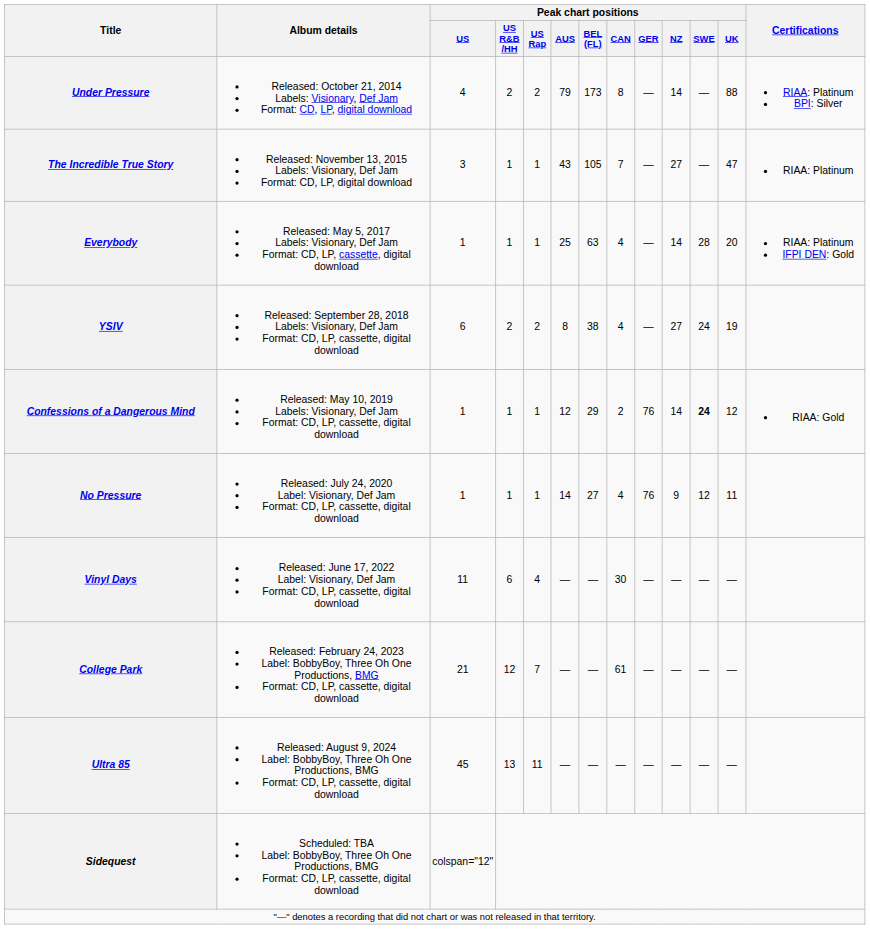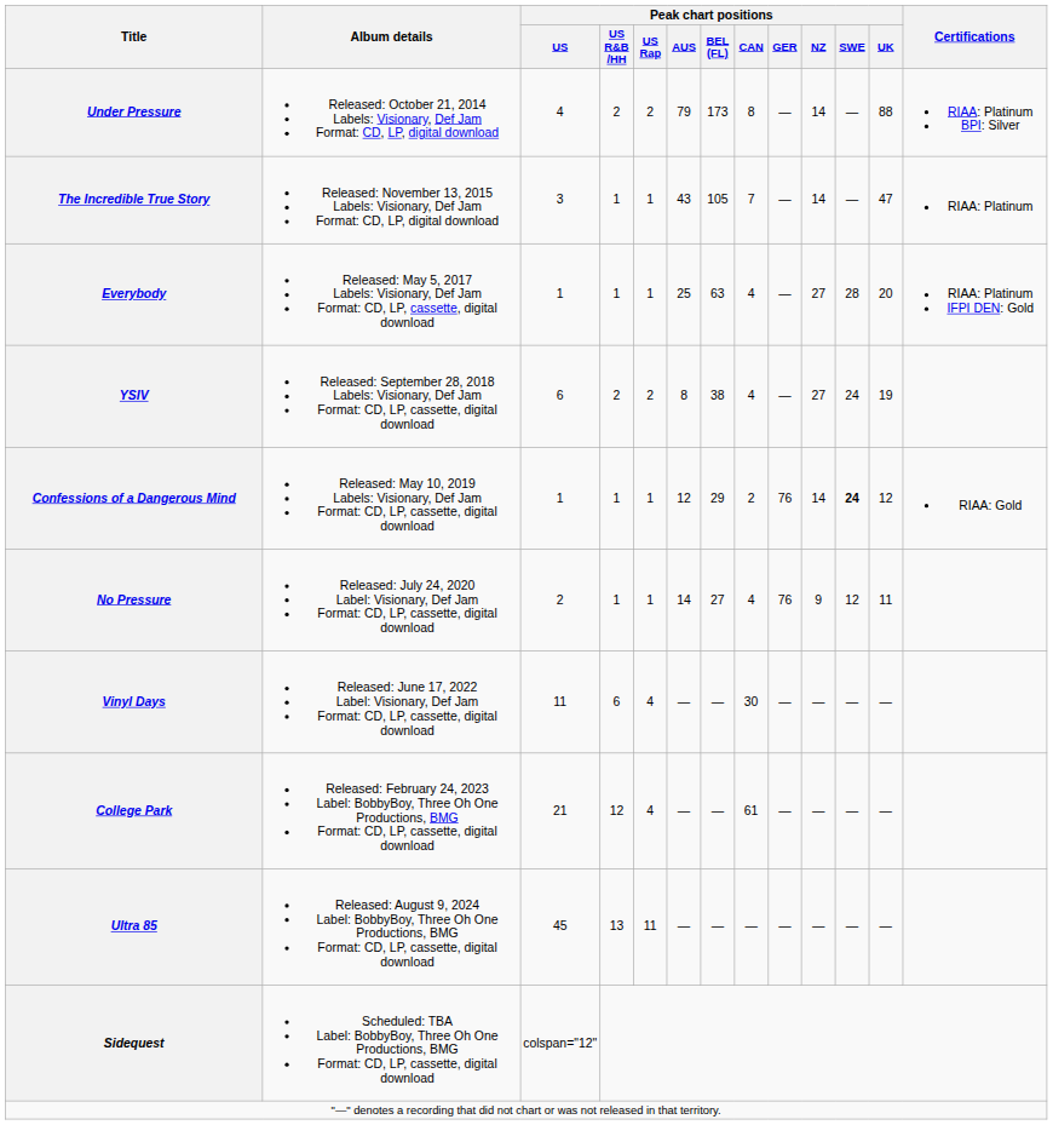 <table class="wikitable plainrowheaders" style="text-align:center;">
 <tr>
 <th scope="col" rowspan="2" style="width:20em;">Title</th>
 <th scope="col" rowspan="2" style="width:20em;">Album details</th>
 <th scope="col" colspan="10">Peak chart positions</th>
 <th scope="col" rowspan="2" style="width:11em;"><a href='#'>Certifications</a></th>
 </tr>
 <tr>
 <th scope="col" style="width:2.5em;font-size:90%;"><a href='#'>US</a><br></th>
 <th scope="col" style="width:2.5em;font-size:90%;"><a href='#'>US<br>R&B<br>/HH</a><br></th>
 <th scope="col" style="width:2.5em;font-size:90%;"><a href='#'>US<br>Rap</a><br></th>
 <th scope="col" style="width:2.5em;font-size:90%;"><a href='#'>AUS</a><br></th>
 <th scope="col" style="width:2.5em;font-size:90%;"><a href='#'>BEL (FL)</a><br></th>
 <th scope="col" style="width:2.5em;font-size:90%;"><a href='#'>CAN</a><br></th>
 <th scope="col" style="width:2.5em;font-size:90%;"><a href='#'>GER</a><br></th>
 <th scope="col" style="width:2.5em;font-size:90%;"><a href='#'>NZ</a><br></th>
 <th scope="col" style="width:2.5em;font-size:90%;"><a href='#'>SWE</a><br></th>
 <th scope="col" style="width:2.5em;font-size:90%;"><a href='#'>UK</a><br></th>
 </tr>
 <tr>
 <th scope="row"><em><a href='#'>Under Pressure</a></em></th>
 <td><br><ul><li>Released: October 21, 2014</li><li>Labels: <a href='#'>Visionary</a>, <a href='#'>Def Jam</a></li><li>Format: <a href='#'>CD</a>, <a href='#'>LP</a>, <a href='#'>digital download</a></li></ul></td>
 <td>4</td>
 <td>2</td>
 <td>2</td>
 <td>79</td>
 <td>173</td>
 <td>8</td>
 <td>—</td>
 <td>14</td>
 <td>—</td>
 <td>88</td>
 <td><br><ul><li><a href='#'>RIAA</a>: Platinum</li><li><a href='#'>BPI</a>: Silver</li></ul></td>
 </tr>
 <tr>
 <th scope="row"><em><a href='#'>The Incredible True Story</a></em></th>
 <td><br><ul><li>Released: November 13, 2015</li><li>Labels: Visionary, Def Jam</li><li>Format: CD, LP, digital download</li></ul></td>
 <td>3</td>
 <td>1</td>
 <td>1</td>
 <td>43</td>
 <td>105</td>
 <td>7</td>
 <td>—</td>
-<td>27</td>
+<td>14</td>
 <td>—</td>
 <td>47</td>
 <td><br><ul><li>RIAA: Platinum</li></ul></td>
 </tr>
 <tr>
 <th scope="row"><em><a href='#'>Everybody</a></em></th>
 <td><br><ul><li>Released: May 5, 2017</li><li>Labels: Visionary, Def Jam</li><li>Format: CD, LP, <a href='#'>cassette</a>, digital download</li></ul></td>
 <td>1</td>
 <td>1</td>
 <td>1</td>
 <td>25</td>
 <td>63</td>
 <td>4</td>
 <td>—</td>
-<td>14</td>
+<td>27</td>
 <td>28</td>
 <td>20</td>
 <td><br><ul><li>RIAA: Platinum</li><li><a href='#'>IFPI DEN</a>: Gold</li></ul></td>
 </tr>
 <tr>
 <th scope="row"><em><a href='#'>YSIV</a></em></th>
 <td><br><ul><li>Released: September 28, 2018</li><li>Labels: Visionary, Def Jam</li><li>Format: CD, LP, cassette, digital download</li></ul></td>
 <td>6</td>
 <td>2</td>
 <td>2</td>
 <td>8</td>
 <td>38</td>
 <td>4</td>
 <td>—</td>
 <td>27</td>
 <td>24</td>
 <td>19</td>
 <td></td>
 </tr>
 <tr>
 <th scope="row"><em><a href='#'>Confessions of a Dangerous Mind</a></em></th>
 <td><br><ul><li>Released: May 10, 2019</li><li>Labels: Visionary, Def Jam</li><li>Format: CD, LP, cassette, digital download</li></ul></td>
 <td>1</td>
 <td>1</td>
 <td>1</td>
 <td>12</td>
 <td>29</td>
 <td>2</td>
 <td>76</td>
 <td>14</td>
 <td><strong>24</strong></td>
 <td>12</td>
 <td><br><ul><li>RIAA: Gold</li></ul></td>
 </tr>
 <tr>
 <th scope="row"><em><a href='#'>No Pressure</a></em></th>
 <td><br><ul><li>Released: July 24, 2020</li><li>Label: Visionary, Def Jam</li><li>Format: CD, LP, cassette, digital download</li></ul></td>
-<td>1</td>
+<td>2</td>
 <td>1</td>
 <td>1</td>
 <td>14</td>
 <td>27</td>
 <td>4</td>
 <td>76</td>
 <td>9</td>
 <td>12</td>
 <td>11</td>
 <td></td>
 </tr>
 <tr>
 <th scope="row"><em><a href='#'>Vinyl Days</a></em></th>
 <td><br><ul><li>Released: June 17, 2022</li><li>Label: Visionary, Def Jam</li><li>Format: CD, LP, cassette, digital download</li></ul></td>
 <td>11</td>
 <td>6</td>
 <td>4</td>
 <td>—</td>
 <td>—</td>
 <td>30</td>
 <td>—</td>
 <td>—</td>
 <td>—</td>
 <td>—</td>
 <td></td>
 </tr>
 <tr>
 <th scope="row"><em><a href='#'>College Park</a></em></th>
 <td><br><ul><li>Released: February 24, 2023</li><li>Label: BobbyBoy, Three Oh One Productions, <a href='#'>BMG</a></li><li>Format: CD, LP, cassette, digital download</li></ul></td>
 <td>21</td>
 <td>12</td>
-<td>7</td>
+<td>4</td>
 <td>—</td>
 <td>—</td>
 <td>61</td>
 <td>—</td>
 <td>—</td>
 <td>—</td>
 <td>—</td>
 <td></td>
 </tr>
 <tr>
 <th scope="row"><em><a href='#'>Ultra 85</a></em></th>
 <td><br><ul><li>Released: August 9, 2024</li><li>Label: BobbyBoy, Three Oh One Productions, BMG</li><li>Format: CD, LP, cassette, digital download</li></ul></td>
 <td>45</td>
 <td>13</td>
 <td>11</td>
 <td>—</td>
 <td>—</td>
 <td>—</td>
 <td>—</td>
 <td>—</td>
 <td>—</td>
 <td>—</td>
 <td></td>
 </tr>
 <tr>
 <th scope="row"><em>Sidequest</em></th>
 <td><br><ul><li>Scheduled: TBA</li><li>Label: BobbyBoy, Three Oh One Productions, BMG</li><li>Format: CD, LP, cassette, digital download</li></ul></td>
 <td>colspan="12" </td>
 </tr>
 <tr>
 <td colspan="16" style="font-size:90%">"—" denotes a recording that did not chart or was not released in that territory.</td>
 </tr>
 </table>
